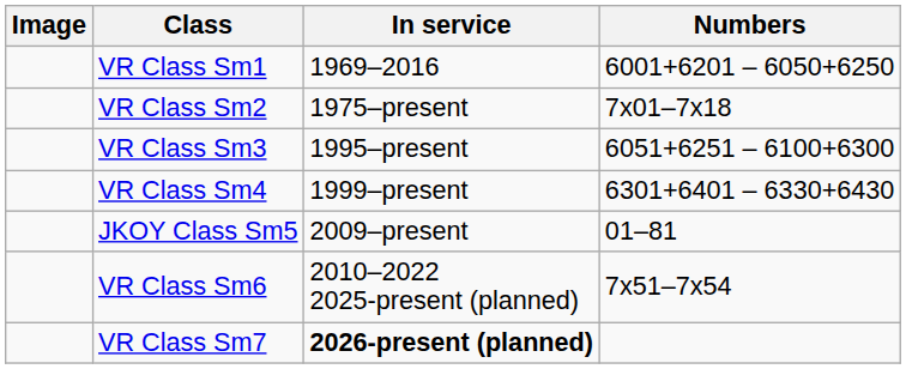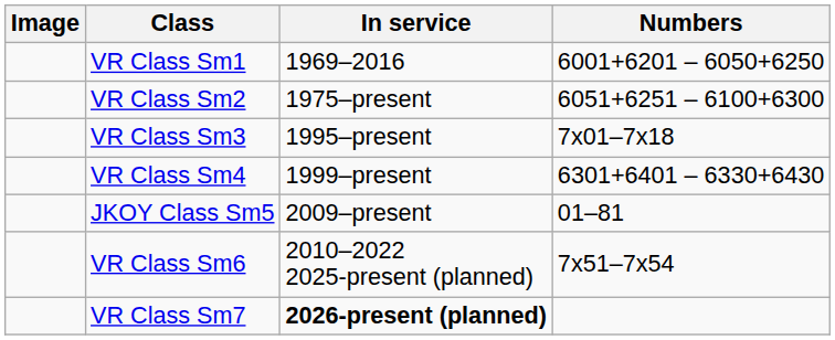 <table class="wikitable sortable">
 <tr>
 <th>Image</th>
 <th>Class</th>
 <th>In service</th>
 <th>Numbers</th>
 </tr>
 <tr>
 <td></td>
 <td><a href='#'>VR Class Sm1</a></td>
 <td>1969–2016</td>
 <td>6001+6201 – 6050+6250</td>
 </tr>
 <tr>
 <td></td>
 <td><a href='#'>VR Class Sm2</a></td>
 <td>1975–present</td>
-<td>7x01–7x18</td>
+<td>6051+6251 – 6100+6300</td>
 </tr>
 <tr>
 <td></td>
 <td><a href='#'>VR Class Sm3</a></td>
 <td>1995–present</td>
-<td>6051+6251 – 6100+6300</td>
+<td>7x01–7x18</td>
 </tr>
 <tr>
 <td></td>
 <td><a href='#'>VR Class Sm4</a></td>
 <td>1999–present</td>
 <td>6301+6401 – 6330+6430</td>
 </tr>
 <tr>
 <td></td>
 <td><a href='#'>JKOY Class Sm5</a></td>
 <td>2009–present</td>
 <td>01–81</td>
 </tr>
 <tr>
 <td></td>
 <td><a href='#'>VR Class Sm6</a></td>
 <td>2010–2022<br>2025-present (planned)</td>
 <td>7x51–7x54</td>
 </tr>
 <tr>
 <td></td>
 <td><a href='#'>VR Class Sm7</a></td>
 <td><strong>2026-present (planned)</strong></td>
 </tr>
 </table>
